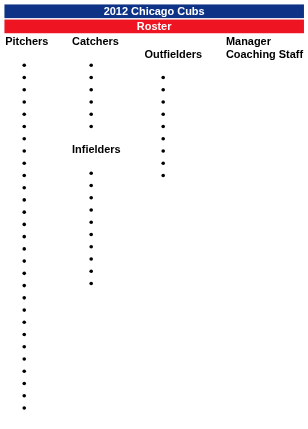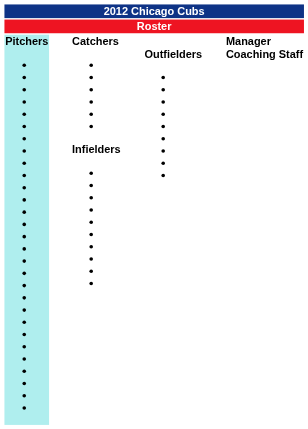 <table class="toccolours" style="font-size: 95%;">
 <tr>
 <th colspan="10" style="background-color: #0e3386; color: white; text-align: center;">2012 Chicago Cubs</th>
 </tr>
 <tr>
 <td colspan="10" style="background-color: #EE1422; color: white; text-align: center;"><strong>Roster</strong></td>
 </tr>
 <tr>
-<td valign="top"><strong>Pitchers</strong><br><ul><li></li><li></li><li></li><li></li><li></li><li></li><li></li><li></li><li></li><li></li><li></li><li></li><li></li><li></li><li></li><li></li><li></li><li></li><li></li><li></li><li></li><li></li><li></li><li></li><li></li><li></li><li></li><li></li><li></li></ul></td>
+<td valign="top" style="background: paleturquoise;"><strong>Pitchers</strong><br><ul><li></li><li></li><li></li><li></li><li></li><li></li><li></li><li></li><li></li><li></li><li></li><li></li><li></li><li></li><li></li><li></li><li></li><li></li><li></li><li></li><li></li><li></li><li></li><li></li><li></li><li></li><li></li><li></li><li></li></ul></td>
 <td width="25px"></td>
 <td valign="top"><strong>Catchers</strong><br><ul><li></li><li></li><li></li><li></li><li></li><li></li></ul><strong>Infielders</strong><ul><li></li><li></li><li></li><li></li><li></li><li></li><li></li><li></li><li></li><li></li></ul></td>
 <td width="25px"></td>
 <td valign="top"><br><strong>Outfielders</strong><ul><li></li><li></li><li></li><li></li><li></li><li></li><li></li><li></li><li></li></ul></td>
 <td width="25px"></td>
 <td valign="top"><strong>Manager</strong><br> <strong>Coaching Staff</strong>                  </td>
 </tr>
 </table>
